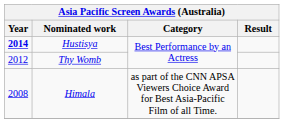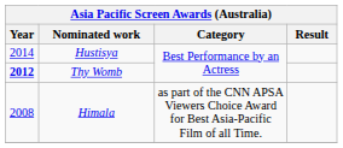 <table width="70%" class="wikitable sortable">
 <tr>
 <th colspan="4" align="center"><a href='#'>Asia Pacific Screen Awards</a> (Australia)</th>
 </tr>
 <tr>
 <th width="10%">Year</th>
 <th width="35%">Nominated work</th>
 <th width="40%">Category</th>
 <th width="15%">Result</th>
 </tr>
 <tr>
-<td align="center"><strong><a href='#'>2014</a></strong></td>
+<td align="center"><a href='#'>2014</a></td>
 <td align="center"><em><a href='#'>Hustisya</a></em></td>
 <td rowspan = 2 align="center"><a href='#'>Best Performance by an Actress</a></td>
 <td></td>
 </tr>
 <tr>
-<td align="center"><a href='#'>2012</a></td>
+<td align="center"><strong><a href='#'>2012</a></strong></td>
 <td align="center"><em><a href='#'>Thy Womb</a></em></td>
 <td></td>
 </tr>
 <tr>
 <td align="center"><a href='#'>2008</a></td>
 <td align="center"><em><a href='#'>Himala</a></em></td>
 <td align="center">as part of the CNN APSA Viewers Choice Award for Best Asia-Pacific Film of all Time.</td>
 <td></td>
 </tr>
 <tr>
 </tr>
 </table>
